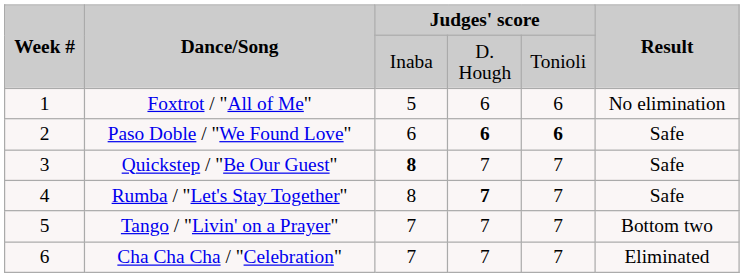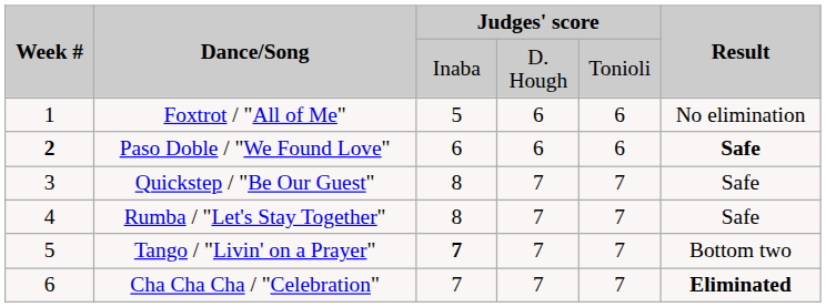 <table class="wikitable" style="float:left;">
 <tr style="text-align:Center; background:#ccc;">
 <td rowspan="2"><strong>Week #</strong></td>
 <td rowspan="2"><strong>Dance/Song</strong></td>
 <td colspan="3"><strong>Judges' score</strong></td>
 <td rowspan="2"><strong>Result</strong></td>
 </tr>
 <tr style="text-align:center; background:#ccc;">
 <td style="width:10%; ">Inaba</td>
 <td style="width:10%; ">D. Hough</td>
 <td style="width:10%; ">Tonioli</td>
 </tr>
 <tr style="text-align:center; background:#faf6f6;">
 <td bgcolor="#FAF6F6">1</td>
 <td bgcolor="#FAF6F6"><a href='#'>Foxtrot</a> / "<a href='#'>All of Me</a>"</td>
 <td bgcolor="#FAF6F6">5</td>
 <td bgcolor="#FAF6F6">6</td>
 <td bgcolor="#FAF6F6">6</td>
 <td bgcolor="#FAF6F6">No elimination</td>
 </tr>
 <tr style="text-align:center; background:#faf6f6;">
-<td bgcolor="#FAF6F6">2</td>
+<td bgcolor="#FAF6F6"><strong>2</strong></td>
 <td bgcolor="#FAF6F6"><a href='#'>Paso Doble</a> / "<a href='#'>We Found Love</a>"</td>
 <td bgcolor="#FAF6F6">6</td>
-<td bgcolor="#FAF6F6"><strong>6</strong></td>
-<td bgcolor="#FAF6F6"><strong>6</strong></td>
-<td bgcolor="#FAF6F6">Safe</td>
+<td bgcolor="#FAF6F6">6</td>
+<td bgcolor="#FAF6F6">6</td>
+<td bgcolor="#FAF6F6"><strong>Safe</strong></td>
 </tr>
 <tr style="text-align:center; background:#faf6f6;">
 <td bgcolor="#FAF6F6">3</td>
 <td bgcolor="#FAF6F6"><a href='#'>Quickstep</a> / "<a href='#'>Be Our Guest</a>"</td>
-<td bgcolor="#FAF6F6"><strong>8</strong></td>
+<td bgcolor="#FAF6F6">8</td>
 <td bgcolor="#FAF6F6">7</td>
 <td bgcolor="#FAF6F6">7</td>
 <td bgcolor="#FAF6F6">Safe</td>
 </tr>
 <tr style="text-align:center; background:#faf6f6;">
 <td bgcolor="#FAF6F6">4</td>
 <td bgcolor="#FAF6F6"><a href='#'>Rumba</a> / "<a href='#'>Let's Stay Together</a>"</td>
 <td bgcolor="#FAF6F6">8</td>
-<td bgcolor="#FAF6F6"><strong>7</strong></td>
+<td bgcolor="#FAF6F6">7</td>
 <td bgcolor="#FAF6F6">7</td>
 <td bgcolor="#FAF6F6">Safe</td>
 </tr>
 <tr style="text-align:center; background:#faf6f6;">
 <td bgcolor="#FAF6F6">5</td>
 <td bgcolor="#FAF6F6"><a href='#'>Tango</a> / "<a href='#'>Livin' on a Prayer</a>"</td>
-<td bgcolor="#FAF6F6">7</td>
+<td bgcolor="#FAF6F6"><strong>7</strong></td>
 <td bgcolor="#FAF6F6">7</td>
 <td bgcolor="#FAF6F6">7</td>
 <td bgcolor="#FAF6F6">Bottom two</td>
 </tr>
 <tr style="text-align:center; background:#faf6f6;">
 <td bgcolor="#FAF6F6">6</td>
 <td bgcolor="#FAF6F6"><a href='#'>Cha Cha Cha</a> / "<a href='#'>Celebration</a>"</td>
 <td bgcolor="#FAF6F6">7</td>
 <td bgcolor="#FAF6F6">7</td>
 <td bgcolor="#FAF6F6">7</td>
-<td bgcolor="#FAF6F6">Eliminated</td>
+<td bgcolor="#FAF6F6"><strong>Eliminated</strong></td>
 </tr>
 </table>
